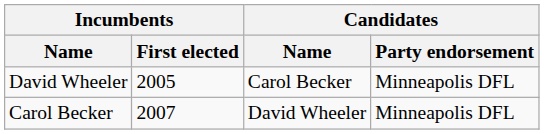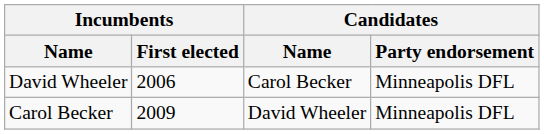 <table class="wikitable">
 <tr>
 <th colspan="2">Incumbents</th>
 <th colspan="2">Candidates</th>
 </tr>
 <tr>
 <th>Name</th>
 <th>First elected</th>
 <th>Name</th>
 <th>Party endorsement</th>
 </tr>
 <tr>
 <td>David Wheeler</td>
-<td>2005</td>
+<td>2006</td>
 <td>Carol Becker</td>
 <td>Minneapolis DFL</td>
 </tr>
 <tr>
 <td>Carol Becker</td>
-<td>2007</td>
+<td>2009</td>
 <td>David Wheeler</td>
 <td>Minneapolis DFL</td>
 </tr>
 </table>
